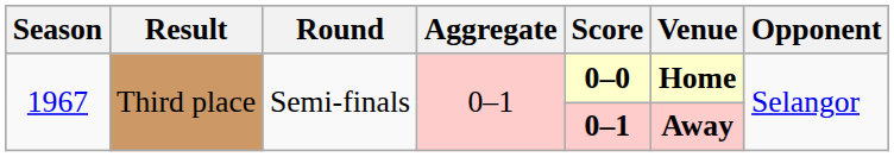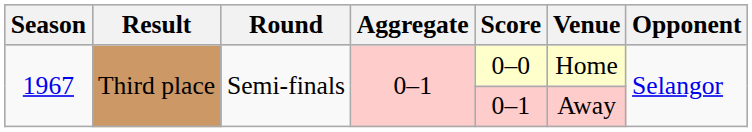 <table class="wikitable" style="text-align:center">
 <tr>
 <th>Season</th>
 <th>Result</th>
 <th>Round</th>
 <th>Aggregate</th>
 <th>Score</th>
 <th>Venue</th>
 <th>Opponent</th>
 </tr>
 <tr>
 <td rowspan="2"><a href='#'>1967</a></td>
 <td rowspan="2" style="background:#cc9966">Third place</td>
 <td rowspan="2" align="left">Semi-finals</td>
 <td rowspan="2" style="background:#fcc">0–1</td>
-<td style="background:#ffc"><strong>0–0</strong></td>
-<td style="background:#ffc"><strong>Home</strong></td>
+<td style="background:#ffc">0–0</td>
+<td style="background:#ffc">Home</td>
 <td rowspan="2" align="left"> <a href='#'>Selangor</a></td>
 </tr>
 <tr>
-<td style="background:#fcc"><strong>0–1</strong></td>
-<td style="background:#fcc"><strong>Away</strong></td>
+<td style="background:#fcc">0–1</td>
+<td style="background:#fcc">Away</td>
 </tr>
 </table>
